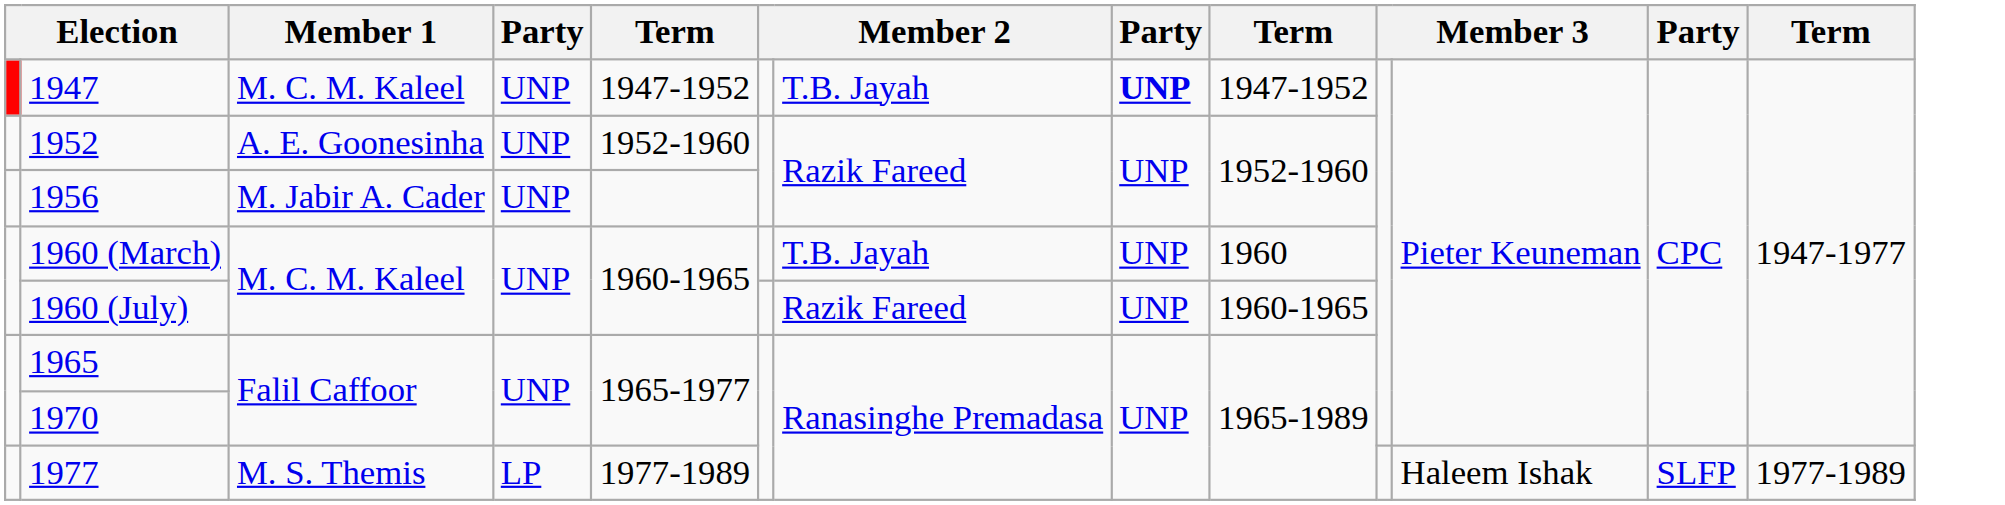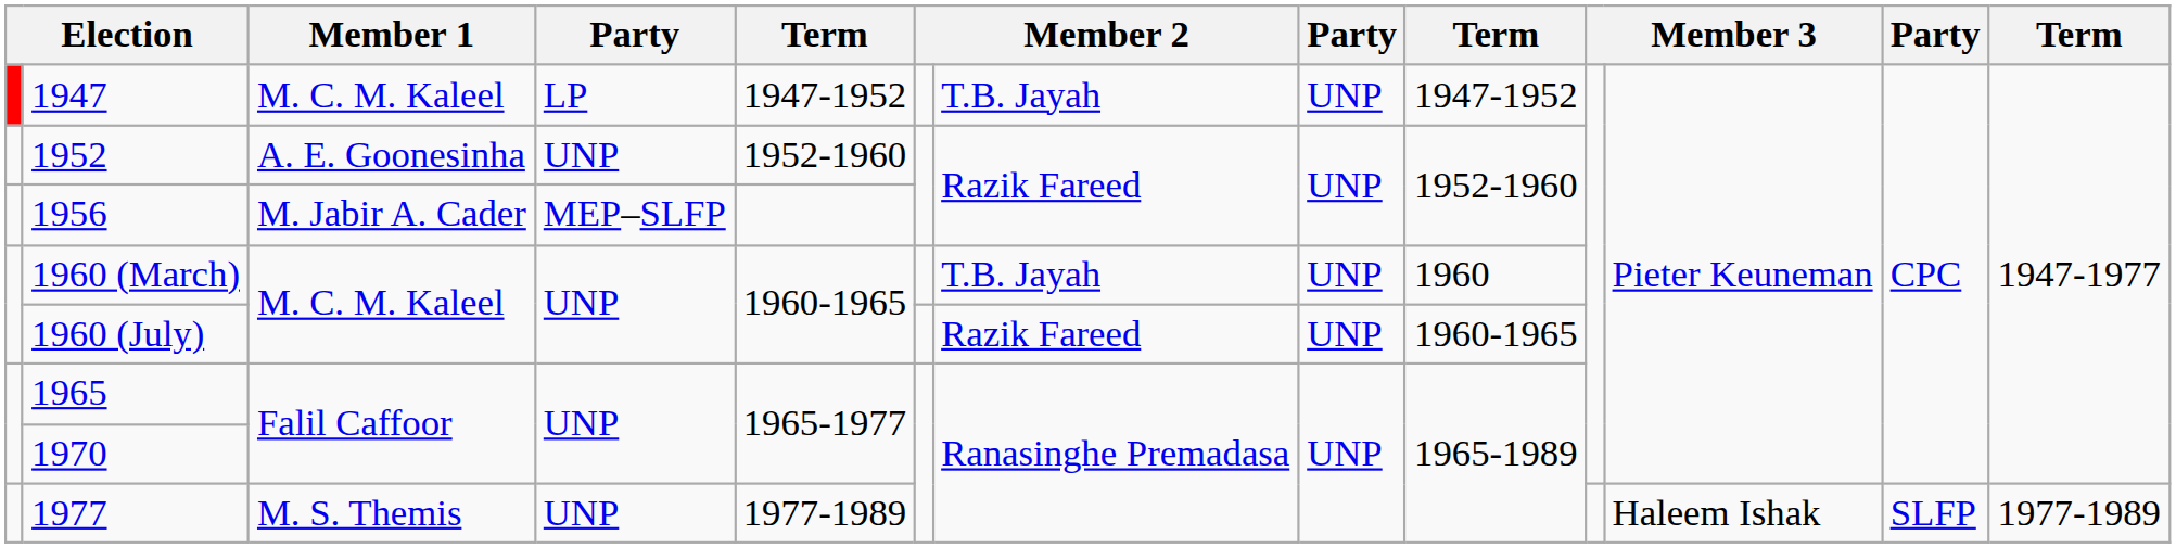 <table class="wikitable">
 <tr>
 <th colspan="2">Election</th>
 <th>Member 1</th>
 <th>Party</th>
 <th>Term</th>
 <th colspan="2">Member 2</th>
 <th>Party</th>
 <th>Term</th>
 <th colspan="2">Member 3</th>
 <th>Party</th>
 <th>Term</th>
 </tr>
 <tr>
 <td style="background-color: #FF0000"></td>
 <td><a href='#'>1947</a></td>
 <td><a href='#'>M. C. M. Kaleel</a></td>
-<td><a href='#'>UNP</a></td>
+<td><a href='#'>LP</a></td>
 <td>1947-1952</td>
 <td style="background-color: "></td>
 <td><a href='#'>T.B. Jayah</a></td>
-<td><strong><a href='#'>UNP</a></strong></td>
+<td><a href='#'>UNP</a></td>
 <td>1947-1952</td>
 <td rowspan="7" style="background-color: "></td>
 <td rowspan ="7"><a href='#'>Pieter Keuneman</a></td>
 <td rowspan ="7"><a href='#'>CPC</a></td>
 <td rowspan ="7">1947-1977</td>
 </tr>
 <tr>
 <td style="background-color: "></td>
 <td><a href='#'>1952</a></td>
 <td><a href='#'>A. E. Goonesinha</a></td>
 <td><a href='#'>UNP</a></td>
 <td>1952-1960</td>
 <td rowspan="2" style="background-color: "></td>
 <td rowspan ="2"><a href='#'>Razik Fareed</a></td>
 <td rowspan ="2"><a href='#'>UNP</a></td>
 <td rowspan ="2">1952-1960</td>
 </tr>
 <tr>
 <td style="background-color: "></td>
 <td><a href='#'>1956</a></td>
 <td><a href='#'>M. Jabir A. Cader</a></td>
-<td><a href='#'>UNP</a></td>
+<td><a href='#'>MEP</a>–<a href='#'>SLFP</a></td>
 </tr>
 <tr>
 <td rowspan="2" style="background-color: "></td>
 <td><a href='#'>1960 (March)</a></td>
 <td rowspan ="2"><a href='#'>M. C. M. Kaleel</a></td>
 <td rowspan ="2"><a href='#'>UNP</a></td>
 <td rowspan ="2">1960-1965</td>
 <td style="background-color: "></td>
 <td><a href='#'>T.B. Jayah</a></td>
 <td><a href='#'>UNP</a></td>
 <td>1960</td>
 </tr>
 <tr>
 <td><a href='#'>1960 (July)</a></td>
 <td style="background-color: "></td>
 <td><a href='#'>Razik Fareed</a></td>
 <td><a href='#'>UNP</a></td>
 <td>1960-1965</td>
 </tr>
 <tr>
 <td rowspan="2" style="background-color: "></td>
 <td><a href='#'>1965</a></td>
 <td rowspan ="2"><a href='#'>Falil Caffoor</a></td>
 <td rowspan ="2"><a href='#'>UNP</a></td>
 <td rowspan ="2">1965-1977</td>
 <td rowspan="3" style="background-color: "></td>
 <td rowspan ="3"><a href='#'>Ranasinghe Premadasa</a></td>
 <td rowspan ="3"><a href='#'>UNP</a></td>
 <td rowspan ="3">1965-1989</td>
 </tr>
 <tr>
 <td><a href='#'>1970</a></td>
 </tr>
 <tr>
 <td style="background-color: "></td>
 <td><a href='#'>1977</a></td>
 <td><a href='#'>M. S. Themis</a></td>
-<td><a href='#'>LP</a></td>
+<td><a href='#'>UNP</a></td>
 <td>1977-1989</td>
 <td style="background-color: "></td>
 <td>Haleem Ishak</td>
 <td><a href='#'>SLFP</a></td>
 <td>1977-1989</td>
 </tr>
 </table>
